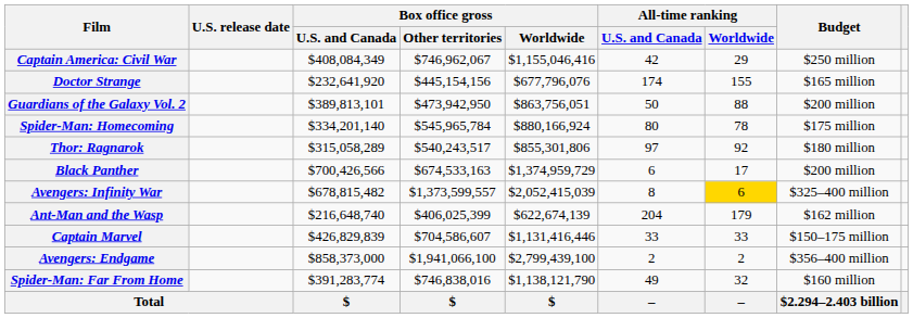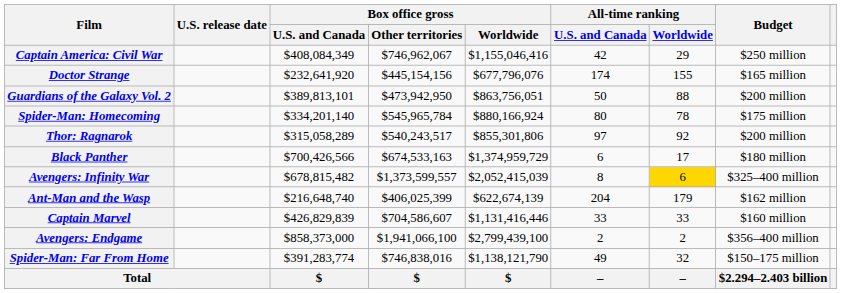 <table class="wikitable plainrowheaders sortable" style="text-align: center;">
 <tr>
 <th scope="col" rowspan="2">Film</th>
 <th scope="col" rowspan="2">U.S. release date</th>
 <th scope="col" colspan="3" class=sortable>Box office gross</th>
 <th scope="col" colspan="2" style="text: wrap;" class="unsortable">All-time ranking</th>
 <th scope="col" rowspan="2">Budget</th>
 <th scope="col" rowspan="2" class="unsortable"></th>
 </tr>
 <tr>
 <th scope="col">U.S. and Canada</th>
 <th scope="col">Other territories</th>
 <th scope="col">Worldwide</th>
 <th scope="col" class="sortable"><a href='#'>U.S. and Canada</a></th>
 <th scope="col" class="sortable"><a href='#'>Worldwide</a></th>
 </tr>
 <tr>
 <th scope="row"><em><a href='#'>Captain America: Civil War</a></em></th>
 <td></td>
 <td>$408,084,349</td>
 <td>$746,962,067</td>
 <td>$1,155,046,416</td>
 <td>42</td>
 <td>29</td>
 <td>$250 million</td>
 <td></td>
 </tr>
 <tr>
 <th scope="row"><em><a href='#'>Doctor Strange</a></em></th>
 <td></td>
 <td>$232,641,920</td>
 <td>$445,154,156</td>
 <td>$677,796,076</td>
 <td>174</td>
 <td>155</td>
 <td>$165 million</td>
 <td></td>
 </tr>
 <tr>
 <th scope="row"><em><a href='#'>Guardians of the Galaxy Vol. 2</a></em></th>
 <td></td>
 <td>$389,813,101</td>
 <td>$473,942,950</td>
 <td>$863,756,051</td>
 <td>50</td>
 <td>88</td>
 <td>$200 million</td>
 <td></td>
 </tr>
 <tr>
 <th scope="row"><em><a href='#'>Spider-Man: Homecoming</a></em></th>
 <td></td>
 <td>$334,201,140</td>
 <td>$545,965,784</td>
 <td>$880,166,924</td>
 <td>80</td>
 <td>78</td>
 <td>$175 million</td>
 <td></td>
 </tr>
 <tr>
 <th scope="row"><em><a href='#'>Thor: Ragnarok</a></em></th>
 <td></td>
 <td>$315,058,289</td>
 <td>$540,243,517</td>
 <td>$855,301,806</td>
 <td>97</td>
 <td>92</td>
-<td>$180 million</td>
+<td>$200 million</td>
 <td></td>
 </tr>
 <tr>
 <th scope="row"><em><a href='#'>Black Panther</a></em></th>
 <td></td>
 <td>$700,426,566</td>
 <td>$674,533,163</td>
 <td>$1,374,959,729</td>
 <td>6</td>
 <td>17</td>
-<td>$200 million</td>
+<td>$180 million</td>
 <td></td>
 </tr>
 <tr>
 <th scope="row"><em><a href='#'>Avengers: Infinity War</a></em></th>
 <td></td>
 <td>$678,815,482</td>
 <td>$1,373,599,557</td>
 <td>$2,052,415,039</td>
 <td>8</td>
 <td style="background: gold;">6</td>
 <td>$325–400 million</td>
 <td></td>
 </tr>
 <tr>
 <th scope="row"><em><a href='#'>Ant-Man and the Wasp</a></em></th>
 <td></td>
 <td>$216,648,740</td>
 <td>$406,025,399</td>
 <td>$622,674,139</td>
 <td>204</td>
 <td>179</td>
 <td>$162 million</td>
 <td></td>
 </tr>
 <tr>
 <th scope="row"><em><a href='#'>Captain Marvel</a></em></th>
 <td></td>
 <td>$426,829,839</td>
 <td>$704,586,607</td>
 <td>$1,131,416,446</td>
 <td>33</td>
 <td>33</td>
-<td>$150–175 million</td>
+<td>$160 million</td>
 <td></td>
 </tr>
 <tr>
 <th scope="row"><em><a href='#'>Avengers: Endgame</a></em></th>
 <td></td>
 <td>$858,373,000</td>
 <td>$1,941,066,100</td>
 <td>$2,799,439,100</td>
 <td>2</td>
 <td>2</td>
 <td>$356–400 million</td>
 <td></td>
 </tr>
 <tr>
 <th scope="row"><em><a href='#'>Spider-Man: Far From Home</a></em></th>
 <td><br></td>
 <td>$391,283,774</td>
 <td>$746,838,016</td>
 <td>$1,138,121,790<br></td>
 <td>49</td>
 <td>32</td>
-<td>$160 million</td>
+<td>$150–175 million</td>
 <td></td>
 </tr>
 <tr style="font-weight: bold;">
 <th scope="col" colspan="2">Total<br></th>
 <th>$</th>
 <th>$</th>
 <th>$<br></th>
 <th>–</th>
 <th>–</th>
 <th>$2.294–2.403 billion</th>
 <th></th>
 </tr>
 </table>
